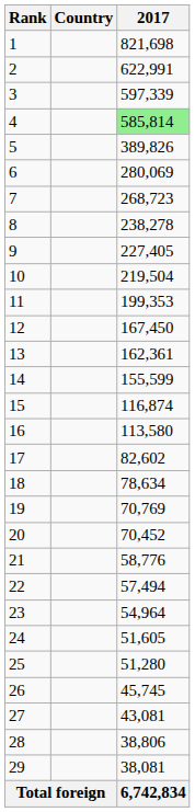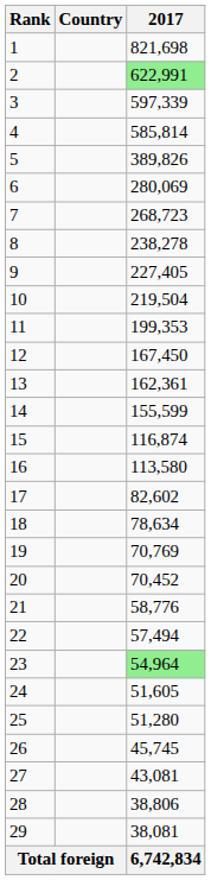 <table class="wikitable">
 <tr>
 <th>Rank</th>
 <th>Country</th>
 <th>2017</th>
 </tr>
 <tr>
 <td>1</td>
 <td></td>
 <td>821,698</td>
 </tr>
 <tr>
 <td>2</td>
 <td></td>
-<td>622,991</td>
+<td style="background: lightgreen;">622,991</td>
 </tr>
 <tr>
 <td>3</td>
 <td></td>
 <td>597,339</td>
 </tr>
 <tr>
 <td>4</td>
 <td></td>
-<td style="background: lightgreen;">585,814</td>
+<td>585,814</td>
 </tr>
 <tr>
 <td>5</td>
 <td></td>
 <td>389,826</td>
 </tr>
 <tr>
 <td>6</td>
 <td></td>
 <td>280,069</td>
 </tr>
 <tr>
 <td>7</td>
 <td></td>
 <td>268,723</td>
 </tr>
 <tr>
 <td>8</td>
 <td></td>
 <td>238,278</td>
 </tr>
 <tr>
 <td>9</td>
 <td></td>
 <td>227,405</td>
 </tr>
 <tr>
 <td>10</td>
 <td></td>
 <td>219,504</td>
 </tr>
 <tr>
 <td>11</td>
 <td></td>
 <td>199,353</td>
 </tr>
 <tr>
 <td>12</td>
 <td></td>
 <td>167,450</td>
 </tr>
 <tr>
 <td>13</td>
 <td></td>
 <td>162,361</td>
 </tr>
 <tr>
 <td>14</td>
 <td></td>
 <td>155,599</td>
 </tr>
 <tr>
 <td>15</td>
 <td></td>
 <td>116,874</td>
 </tr>
 <tr>
 <td>16</td>
 <td></td>
 <td>113,580</td>
 </tr>
 <tr>
 <td>17</td>
 <td></td>
 <td>82,602</td>
 </tr>
 <tr>
 <td>18</td>
 <td></td>
 <td>78,634</td>
 </tr>
 <tr>
 <td>19</td>
 <td></td>
 <td>70,769</td>
 </tr>
 <tr>
 <td>20</td>
 <td></td>
 <td>70,452</td>
 </tr>
 <tr>
 <td>21</td>
 <td></td>
 <td>58,776</td>
 </tr>
 <tr>
 <td>22</td>
 <td></td>
 <td>57,494</td>
 </tr>
 <tr>
 <td>23</td>
 <td></td>
-<td>54,964</td>
+<td style="background: lightgreen;">54,964</td>
 </tr>
 <tr>
 <td>24</td>
 <td></td>
 <td>51,605</td>
 </tr>
 <tr>
 <td>25</td>
 <td></td>
 <td>51,280</td>
 </tr>
 <tr>
 <td>26</td>
 <td></td>
 <td>45,745</td>
 </tr>
 <tr>
 <td>27</td>
 <td></td>
 <td>43,081</td>
 </tr>
 <tr>
 <td>28</td>
 <td></td>
 <td>38,806</td>
 </tr>
 <tr>
 <td>29</td>
 <td></td>
 <td>38,081</td>
 </tr>
 <tr>
 <th colspan=2>Total foreign</th>
 <th>6,742,834</th>
 </tr>
 </table>
